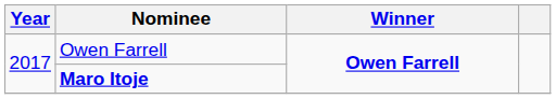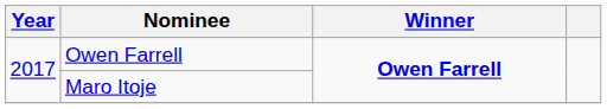 <table class="wikitable">
 <tr>
 <th width=35><a href='#'>Year</a></th>
 <th width=190>Nominee</th>
 <th width=190><a href='#'>Winner</a></th>
 <th width=20></th>
 </tr>
 <tr>
 <td align=center rowspan=2><a href='#'>2017</a></td>
 <td> <a href='#'>Owen Farrell</a></td>
 <td align=center rowspan=2> <strong><a href='#'>Owen Farrell</a></strong></td>
 <td rowspan=2></td>
 </tr>
 <tr>
-<td><strong> <a href='#'>Maro Itoje</a></strong></td>
+<td> <a href='#'>Maro Itoje</a></td>
 </tr>
 <tr>
 </tr>
 </table>
